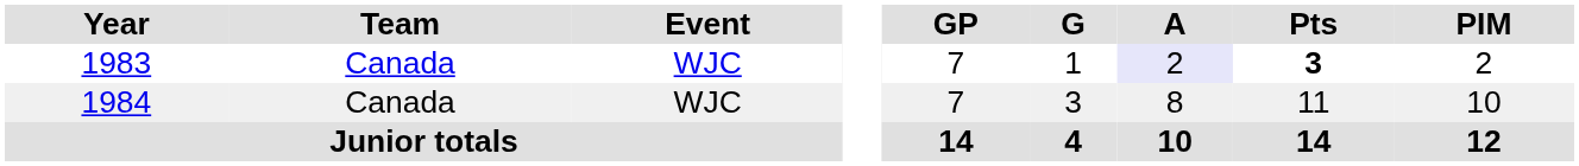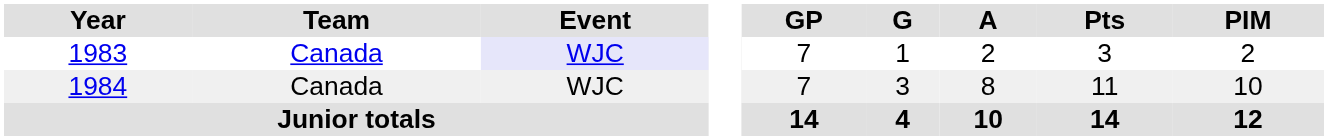 <table border="0" cellpadding="1" cellspacing="0" style="text-align:center; width:50em">
 <tr ALIGN="center" bgcolor="#e0e0e0">
 <th>Year</th>
 <th>Team</th>
 <th>Event</th>
 <th rowspan="99" bgcolor="#ffffff"> </th>
 <th>GP</th>
 <th>G</th>
 <th>A</th>
 <th>Pts</th>
 <th>PIM</th>
 </tr>
 <tr>
 <td><a href='#'>1983</a></td>
 <td><a href='#'>Canada</a></td>
-<td><a href='#'>WJC</a></td>
+<td style="background: lavender;"><a href='#'>WJC</a></td>
 <td>7</td>
 <td>1</td>
-<td style="background: lavender;">2</td>
-<td><strong>3</strong></td>
+<td>2</td>
+<td>3</td>
 <td>2</td>
 </tr>
 <tr bgcolor="#f0f0f0">
 <td><a href='#'>1984</a></td>
 <td>Canada</td>
 <td>WJC</td>
 <td>7</td>
 <td>3</td>
 <td>8</td>
 <td>11</td>
 <td>10</td>
 </tr>
 <tr style="background:#e0e0e0;">
 <th colspan="3">Junior totals</th>
 <th>14</th>
 <th>4</th>
 <th>10</th>
 <th>14</th>
 <th>12</th>
 </tr>
 </table>
